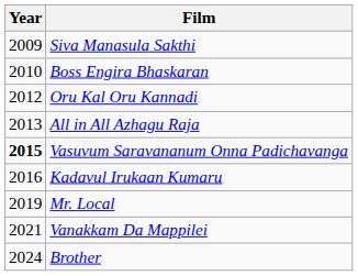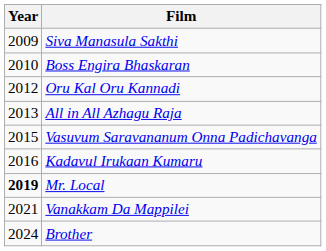 <table class="wikitable sortable">
 <tr>
 <th>Year</th>
 <th>Film</th>
 </tr>
 <tr>
 <td>2009</td>
 <td><em><a href='#'>Siva Manasula Sakthi</a></em></td>
 </tr>
 <tr>
 <td>2010</td>
 <td><em><a href='#'>Boss Engira Bhaskaran</a></em></td>
 </tr>
 <tr>
 <td>2012</td>
 <td><em><a href='#'>Oru Kal Oru Kannadi</a></em></td>
 </tr>
 <tr>
 <td>2013</td>
 <td><em><a href='#'>All in All Azhagu Raja</a></em></td>
 </tr>
 <tr>
-<td><strong>2015</strong></td>
+<td>2015</td>
 <td><em><a href='#'>Vasuvum Saravananum Onna Padichavanga</a></em></td>
 </tr>
 <tr>
 <td>2016</td>
 <td><em><a href='#'>Kadavul Irukaan Kumaru</a></em></td>
 </tr>
 <tr>
-<td>2019</td>
+<td><strong>2019</strong></td>
 <td><em><a href='#'>Mr. Local</a></em></td>
 </tr>
 <tr>
 <td>2021</td>
 <td><em><a href='#'>Vanakkam Da Mappilei</a></em></td>
 </tr>
 <tr>
 <td>2024</td>
 <td><em><a href='#'>Brother</a></em></td>
 </tr>
 </table>
